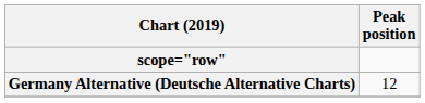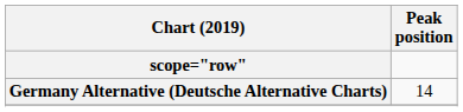 <table class="wikitable sortable plainrowheaders" style="text-align:center">
 <tr>
 <th scope="col">Chart (2019)</th>
 <th scope="col">Peak<br>position</th>
 </tr>
 <tr>
 <th>scope="row" </th>
 </tr>
 <tr>
 <th scope="row">Germany Alternative (Deutsche Alternative Charts)</th>
-<td>12</td>
+<td>14</td>
 </tr>
 <tr>
 </tr>
 <tr>
 </tr>
 </table>
